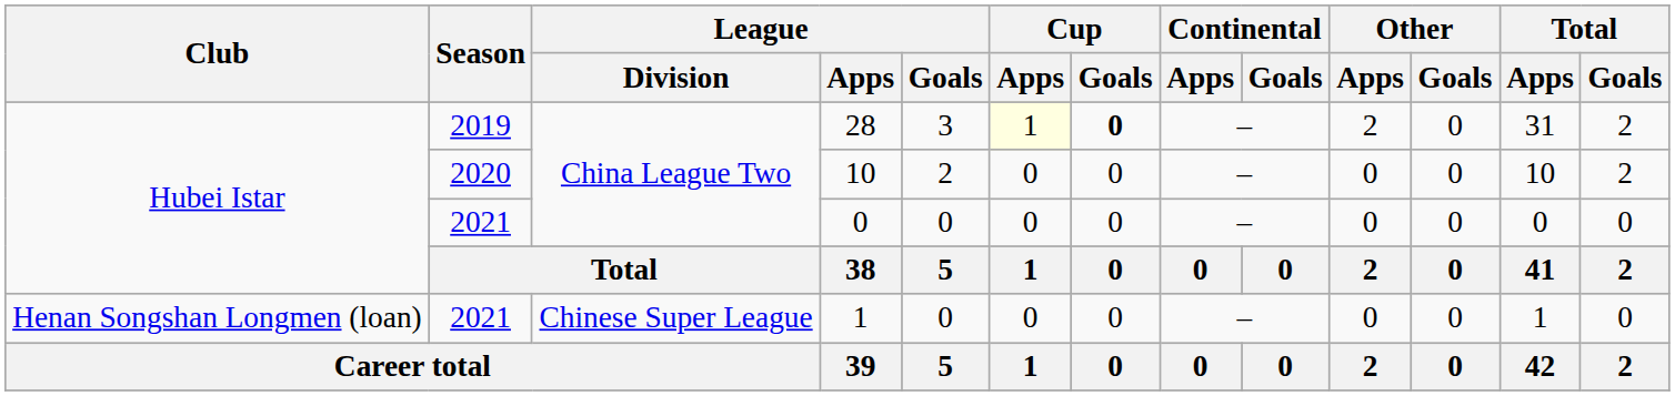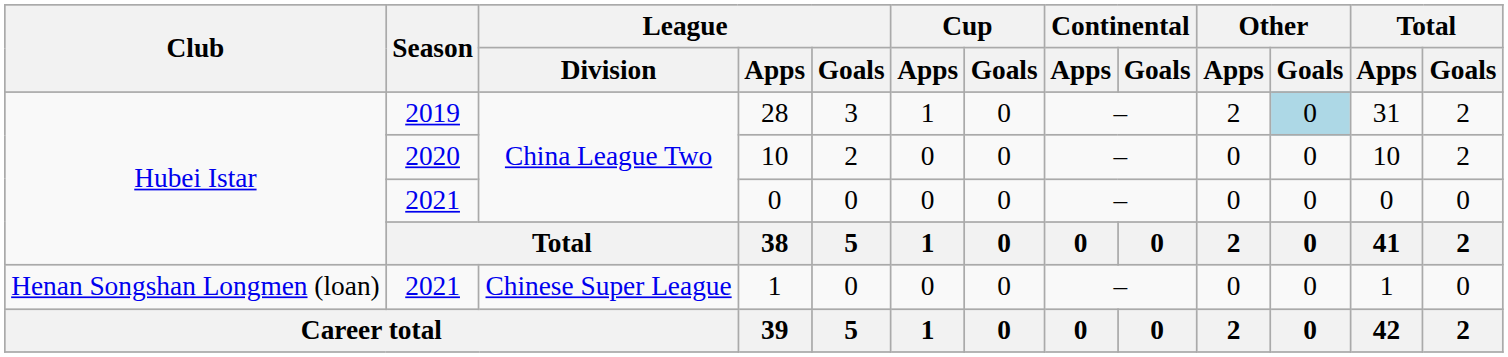 <table class="wikitable" style="text-align: center">
 <tr>
 <th rowspan="2">Club</th>
 <th rowspan="2">Season</th>
 <th colspan="3">League</th>
 <th colspan="2">Cup</th>
 <th colspan="2">Continental</th>
 <th colspan="2">Other</th>
 <th colspan="2">Total</th>
 </tr>
 <tr>
 <th>Division</th>
 <th>Apps</th>
 <th>Goals</th>
 <th>Apps</th>
 <th>Goals</th>
 <th>Apps</th>
 <th>Goals</th>
 <th>Apps</th>
 <th>Goals</th>
 <th>Apps</th>
 <th>Goals</th>
 </tr>
 <tr>
 <td rowspan="4"><a href='#'>Hubei Istar</a></td>
 <td><a href='#'>2019</a></td>
 <td rowspan="3"><a href='#'>China League Two</a></td>
 <td>28</td>
 <td>3</td>
-<td style="background: lightyellow;">1</td>
-<td><strong>0</strong></td>
+<td>1</td>
+<td>0</td>
 <td colspan="2">–</td>
 <td>2</td>
-<td>0</td>
+<td style="background: lightblue;">0</td>
 <td>31</td>
 <td>2</td>
 </tr>
 <tr>
 <td><a href='#'>2020</a></td>
 <td>10</td>
 <td>2</td>
 <td>0</td>
 <td>0</td>
 <td colspan="2">–</td>
 <td>0</td>
 <td>0</td>
 <td>10</td>
 <td>2</td>
 </tr>
 <tr>
 <td><a href='#'>2021</a></td>
 <td>0</td>
 <td>0</td>
 <td>0</td>
 <td>0</td>
 <td colspan="2">–</td>
 <td>0</td>
 <td>0</td>
 <td>0</td>
 <td>0</td>
 </tr>
 <tr>
 <th colspan=2>Total</th>
 <th>38</th>
 <th>5</th>
 <th>1</th>
 <th>0</th>
 <th>0</th>
 <th>0</th>
 <th>2</th>
 <th>0</th>
 <th>41</th>
 <th>2</th>
 </tr>
 <tr>
 <td><a href='#'>Henan Songshan Longmen</a> (loan)</td>
 <td><a href='#'>2021</a></td>
 <td><a href='#'>Chinese Super League</a></td>
 <td>1</td>
 <td>0</td>
 <td>0</td>
 <td>0</td>
 <td colspan="2">–</td>
 <td>0</td>
 <td>0</td>
 <td>1</td>
 <td>0</td>
 </tr>
 <tr>
 <th colspan=3>Career total</th>
 <th>39</th>
 <th>5</th>
 <th>1</th>
 <th>0</th>
 <th>0</th>
 <th>0</th>
 <th>2</th>
 <th>0</th>
 <th>42</th>
 <th>2</th>
 </tr>
 </table>
